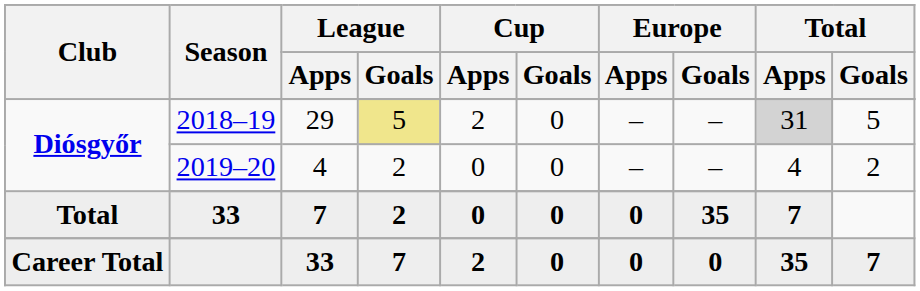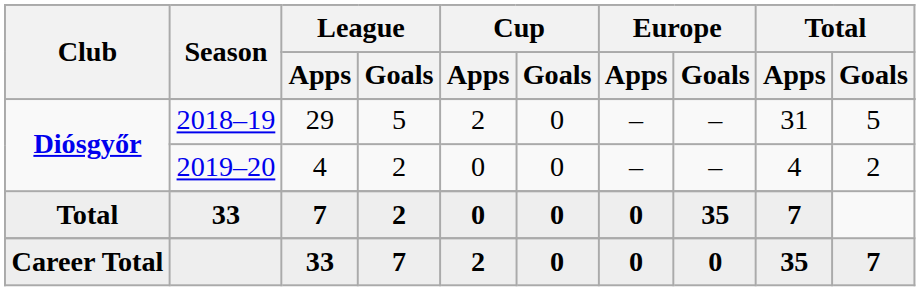 <table class="wikitable" style="font-size:90%; text-align: center;">
 <tr>
 <th rowspan="2">Club</th>
 <th rowspan="2">Season</th>
 <th colspan="2">League</th>
 <th colspan="2">Cup</th>
 <th colspan="2">Europe</th>
 <th colspan="2">Total</th>
 </tr>
 <tr>
 <th>Apps</th>
 <th>Goals</th>
 <th>Apps</th>
 <th>Goals</th>
 <th>Apps</th>
 <th>Goals</th>
 <th>Apps</th>
 <th>Goals</th>
 </tr>
 <tr ||-||-||-|->
 <td rowspan="4" valign="center"><strong><a href='#'>Diósgyőr</a></strong></td>
 </tr>
 <tr>
 <td><a href='#'>2018–19</a></td>
 <td>29</td>
-<td style="background: khaki;">5</td>
+<td>5</td>
 <td>2</td>
 <td>0</td>
 <td>–</td>
 <td>–</td>
-<td style="background: lightgrey;">31</td>
+<td>31</td>
 <td>5</td>
 </tr>
 <tr>
 <td><a href='#'>2019–20</a></td>
 <td>4</td>
 <td>2</td>
 <td>0</td>
 <td>0</td>
 <td>–</td>
 <td>–</td>
 <td>4</td>
 <td>2</td>
 </tr>
 <tr>
 </tr>
 <tr style="font-weight:bold; background-color:#eeeeee;">
 <td>Total</td>
 <td>33</td>
 <td>7</td>
 <td>2</td>
 <td>0</td>
 <td>0</td>
 <td>0</td>
 <td>35</td>
 <td>7</td>
 </tr>
 <tr>
 </tr>
 <tr style="font-weight:bold; background-color:#eeeeee;">
 <td rowspan="2" valign="top"><strong>Career Total</strong></td>
 <td></td>
 <td><strong>33</strong></td>
 <td><strong>7</strong></td>
 <td><strong>2</strong></td>
 <td><strong>0</strong></td>
 <td><strong>0</strong></td>
 <td><strong>0</strong></td>
 <td><strong>35</strong></td>
 <td><strong>7</strong></td>
 </tr>
 </table>
